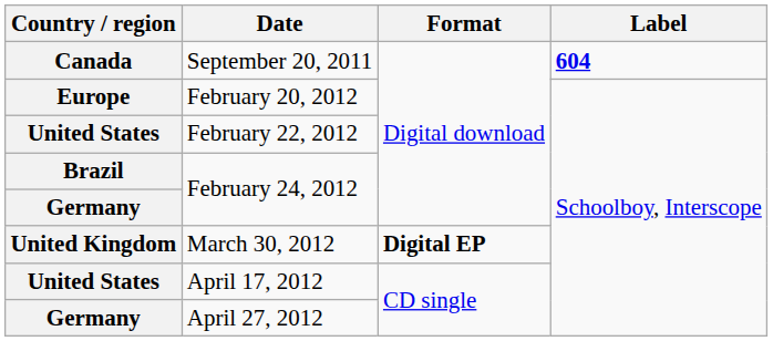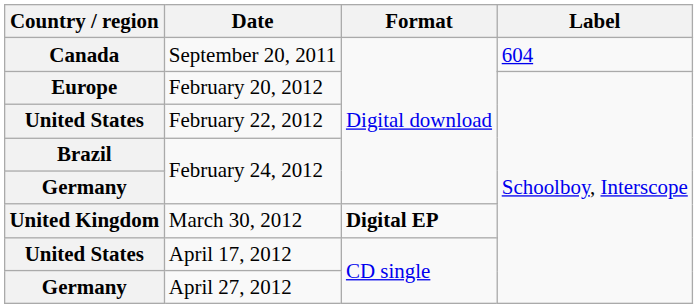 <table class="wikitable plainrowheaders">
 <tr>
 <th>Country / region</th>
 <th>Date</th>
 <th>Format</th>
 <th>Label</th>
 </tr>
 <tr>
 <th scope="row">Canada</th>
 <td>September 20, 2011</td>
 <td rowspan="5"><a href='#'>Digital download</a></td>
-<td><strong><a href='#'>604</a></strong></td>
+<td><a href='#'>604</a></td>
 </tr>
 <tr>
 <th scope="row">Europe</th>
 <td>February 20, 2012</td>
 <td rowspan="7"><a href='#'>Schoolboy</a>, <a href='#'>Interscope</a></td>
 </tr>
 <tr>
 <th scope="row">United States</th>
 <td>February 22, 2012</td>
 </tr>
 <tr>
 <th scope="row">Brazil</th>
 <td rowspan="2">February 24, 2012</td>
 </tr>
 <tr>
 <th scope="row">Germany</th>
 </tr>
 <tr>
 <th scope="row">United Kingdom</th>
 <td>March 30, 2012</td>
 <td><strong>Digital EP</strong></td>
 </tr>
 <tr>
 <th scope="row">United States</th>
 <td>April 17, 2012</td>
 <td rowspan="2"><a href='#'>CD single</a></td>
 </tr>
 <tr>
 <th scope="row">Germany</th>
 <td>April 27, 2012</td>
 </tr>
 </table>
